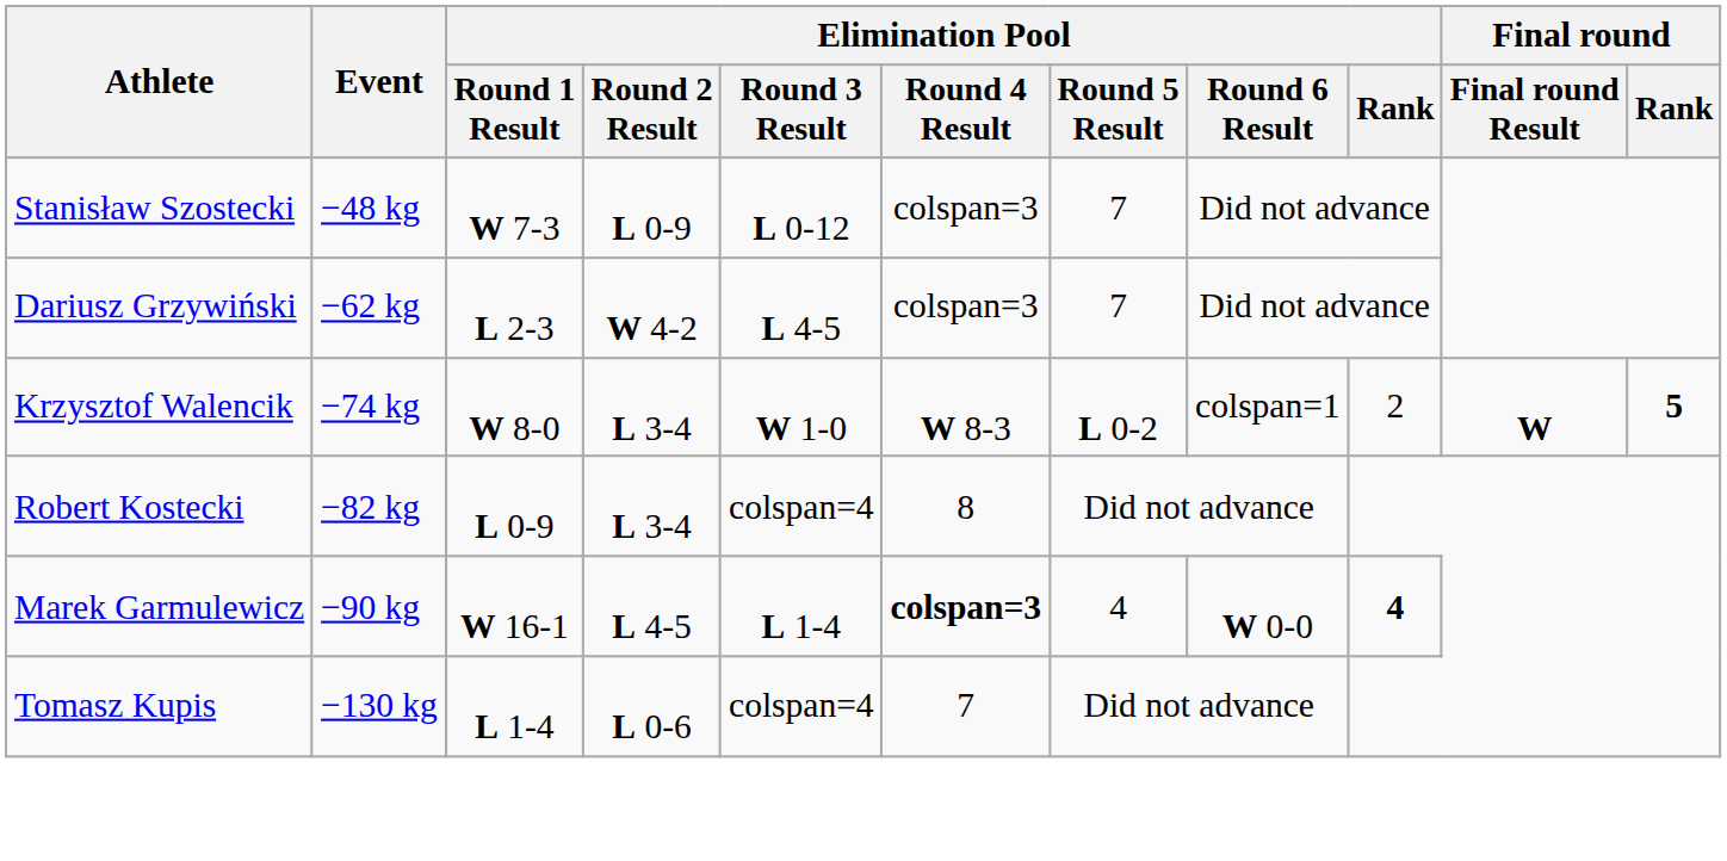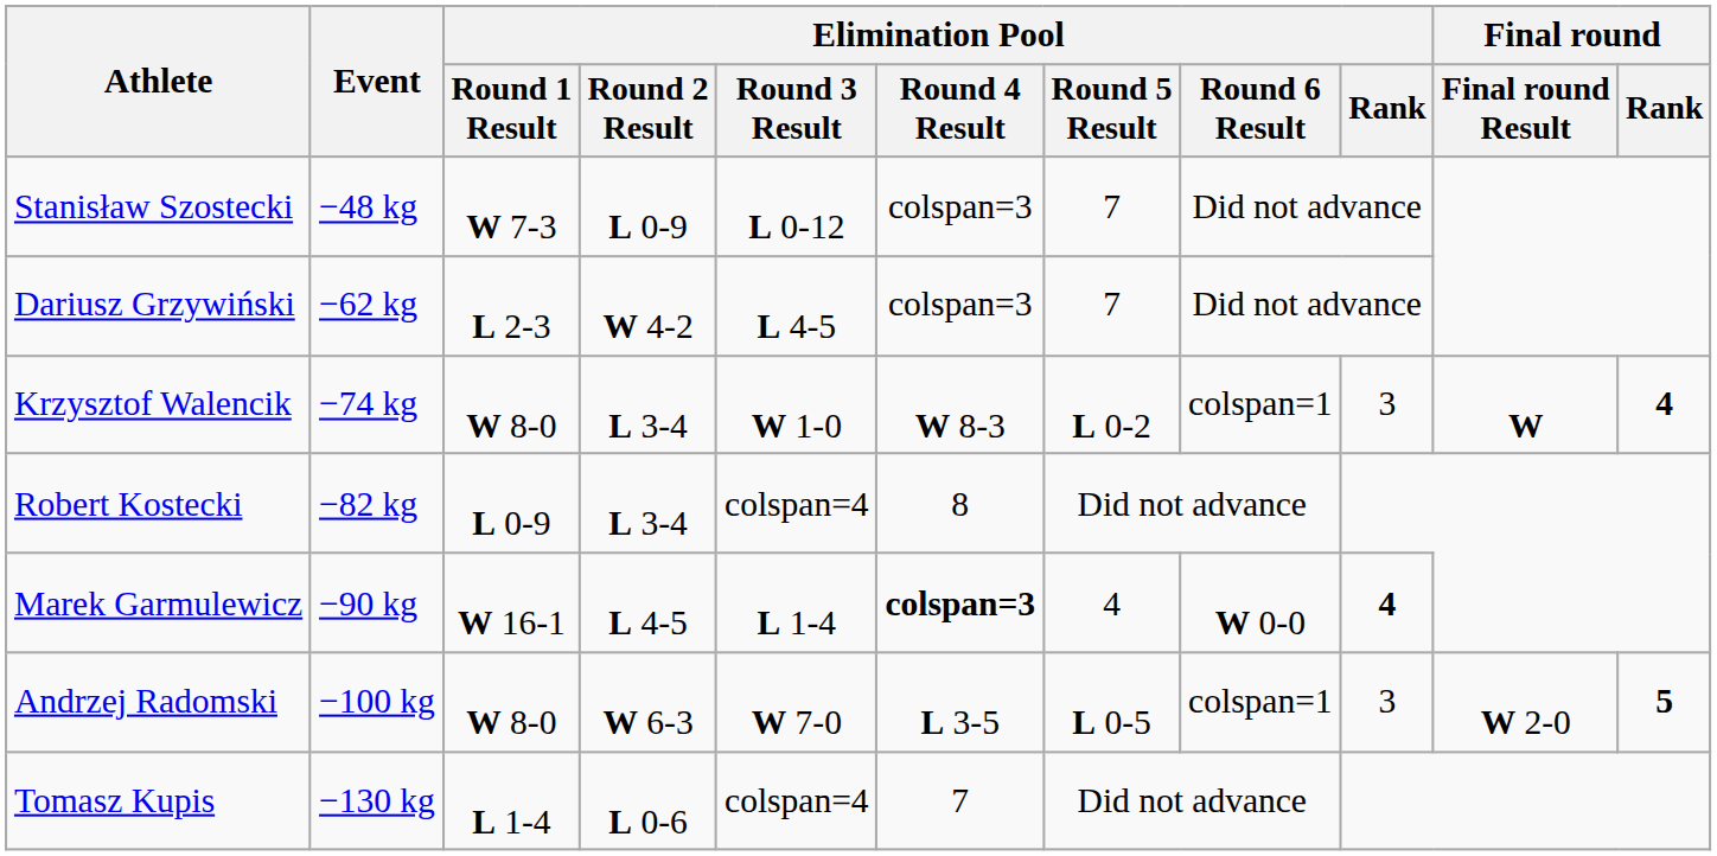 <table class="wikitable" style="font-size:90%">
 <tr>
 <th rowspan="2">Athlete</th>
 <th rowspan="2">Event</th>
 <th colspan=7>Elimination Pool</th>
 <th colspan=2>Final round</th>
 </tr>
 <tr style="font-size: 95%">
 <th>Round 1<br>Result</th>
 <th>Round 2<br>Result</th>
 <th>Round 3<br>Result</th>
 <th>Round 4<br>Result</th>
 <th>Round 5<br>Result</th>
 <th>Round 6<br>Result</th>
 <th>Rank</th>
 <th>Final round<br>Result</th>
 <th>Rank</th>
 </tr>
 <tr align=center>
 <td align=left><a href='#'>Stanisław Szostecki</a></td>
 <td align=left><a href='#'>−48 kg</a></td>
 <td><br><strong>W</strong> 7-3</td>
 <td><br><strong>L</strong> 0-9</td>
 <td><br><strong>L</strong> 0-12</td>
 <td>colspan=3 </td>
 <td>7</td>
 <td colspan=2>Did not advance</td>
 </tr>
 <tr align=center>
 <td align=left><a href='#'>Dariusz Grzywiński</a></td>
 <td align=left><a href='#'>−62 kg</a></td>
 <td><br><strong>L</strong> 2-3</td>
 <td><br><strong>W</strong> 4-2</td>
 <td><br><strong>L</strong> 4-5</td>
 <td>colspan=3 </td>
 <td>7</td>
 <td colspan=2>Did not advance</td>
 </tr>
 <tr align=center>
 <td align=left><a href='#'>Krzysztof Walencik</a></td>
 <td align=left><a href='#'>−74 kg</a></td>
 <td><br><strong>W</strong> 8-0</td>
 <td><br><strong>L</strong> 3-4</td>
 <td><br><strong>W</strong> 1-0</td>
 <td><br><strong>W</strong> 8-3</td>
 <td><br><strong>L</strong> 0-2</td>
 <td>colspan=1 </td>
-<td>2</td>
+<td>3</td>
 <td><br><strong>W</strong></td>
-<td><strong>5</strong></td>
+<td><strong>4</strong></td>
 </tr>
 <tr align=center>
 <td align=left><a href='#'>Robert Kostecki</a></td>
 <td align=left><a href='#'>−82 kg</a></td>
 <td><br><strong>L</strong> 0-9</td>
 <td><br><strong>L</strong> 3-4</td>
 <td>colspan=4 </td>
 <td>8</td>
 <td colspan=2>Did not advance</td>
 </tr>
 <tr align=center>
 <td align=left><a href='#'>Marek Garmulewicz</a></td>
 <td align=left><a href='#'>−90 kg</a></td>
 <td><br><strong>W</strong> 16-1</td>
 <td><br><strong>L</strong> 4-5</td>
 <td><br><strong>L</strong> 1-4</td>
 <td><strong>colspan=3 </strong></td>
 <td>4</td>
 <td><br><strong>W</strong> 0-0</td>
 <td><strong>4</strong></td>
 </tr>
 <tr align=center>
+<td align=left><a href='#'>Andrzej Radomski</a></td>
+<td align=left><a href='#'>−100 kg</a></td>
+<td><br><strong>W</strong> 8-0</td>
+<td><br><strong>W</strong> 6-3</td>
+<td><br><strong>W</strong> 7-0</td>
+<td><br><strong>L</strong> 3-5</td>
+<td><br><strong>L</strong> 0-5</td>
+<td>colspan=1 </td>
+<td>3</td>
+<td><br><strong>W</strong> 2-0</td>
+<td><strong>5</strong></td>
+</tr>
+<tr align=center>
 <td align=left><a href='#'>Tomasz Kupis</a></td>
 <td align=left><a href='#'>−130 kg</a></td>
 <td><br><strong>L</strong> 1-4</td>
 <td><br><strong>L</strong> 0-6</td>
 <td>colspan=4 </td>
 <td>7</td>
 <td colspan=2>Did not advance</td>
 </tr>
 </table>
